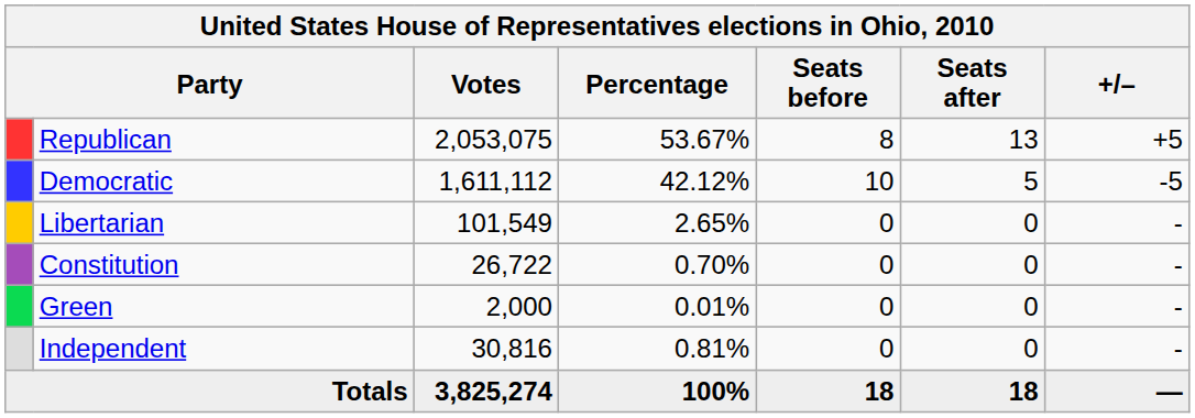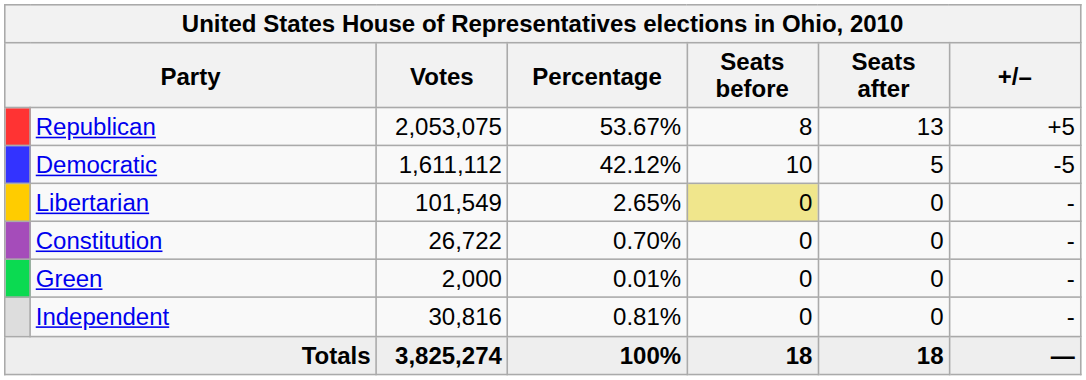 <table class="wikitable" style="font-size: 95%;">
 <tr>
 <th colspan="8">United States House of Representatives elections in Ohio, 2010</th>
 </tr>
 <tr>
 <th colspan=2 style="width: 15em">Party</th>
 <th style="width: 5em">Votes</th>
 <th style="width: 7em">Percentage</th>
 <th style="width: 5em">Seats before</th>
 <th style="width: 5em">Seats after</th>
 <th style="width: 5em">+/–</th>
 </tr>
 <tr>
 <th style="background-color:#FF3333; width: 3px"></th>
 <td style="width: 130px"><a href='#'>Republican</a></td>
 <td align="right">2,053,075</td>
 <td align="right">53.67%</td>
 <td align="right">8</td>
 <td align="right">13</td>
 <td align="right">+5</td>
 </tr>
 <tr>
 <th style="background-color:#3333FF; width: 3px"></th>
 <td style="width: 130px"><a href='#'>Democratic</a></td>
 <td align="right">1,611,112</td>
 <td align="right">42.12%</td>
 <td align="right">10</td>
 <td align="right">5</td>
 <td align="right">-5</td>
 </tr>
 <tr>
 <th style="background-color:#FFCC00; width: 3px"></th>
 <td style="width: 130px"><a href='#'>Libertarian</a></td>
 <td align="right">101,549</td>
 <td align="right">2.65%</td>
-<td align="right">0</td>
+<td align="right" style="background: khaki;">0</td>
 <td align="right">0</td>
 <td align="right">-</td>
 </tr>
 <tr>
 <th style="background-color:#A54CBA; width: 3px"></th>
 <td style="width: 130px"><a href='#'>Constitution</a></td>
 <td align="right">26,722</td>
 <td align="right">0.70%</td>
 <td align="right">0</td>
 <td align="right">0</td>
 <td align="right">-</td>
 </tr>
 <tr>
 <th style="background-color:#0BDA51; width: 3px"></th>
 <td style="width: 130px"><a href='#'>Green</a></td>
 <td align="right">2,000</td>
 <td align="right">0.01%</td>
 <td align="right">0</td>
 <td align="right">0</td>
 <td align="right">-</td>
 </tr>
 <tr>
 <th style="background-color:#DDDDDD; width: 3px"></th>
 <td style="width: 130px"><a href='#'>Independent</a></td>
 <td align="right">30,816</td>
 <td align="right">0.81%</td>
 <td align="right">0</td>
 <td align="right">0</td>
 <td align="right">-</td>
 </tr>
 <tr bgcolor="#EEEEEE">
 <td colspan="2" align="right"><strong>Totals</strong></td>
 <td align="right"><strong>3,825,274</strong></td>
 <td align="right"><strong>100%</strong></td>
 <td align="right"><strong>18</strong></td>
 <td align="right"><strong>18</strong></td>
 <td align="right"><strong>—</strong></td>
 </tr>
 </table>
